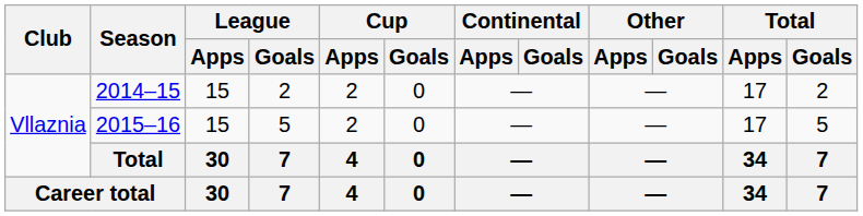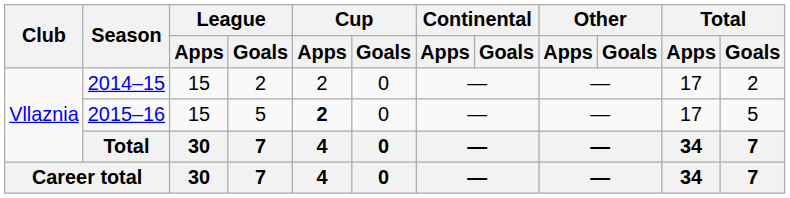 <table class="wikitable" style="text-align: center;">
 <tr>
 <th rowspan="2">Club</th>
 <th rowspan="2">Season</th>
 <th colspan="2">League</th>
 <th colspan="2">Cup</th>
 <th colspan="2">Continental</th>
 <th colspan="2">Other</th>
 <th colspan="2">Total</th>
 </tr>
 <tr>
 <th>Apps</th>
 <th>Goals</th>
 <th>Apps</th>
 <th>Goals</th>
 <th>Apps</th>
 <th>Goals</th>
 <th>Apps</th>
 <th>Goals</th>
 <th>Apps</th>
 <th>Goals</th>
 </tr>
 <tr>
 <td rowspan="3" valign="center"><a href='#'>Vllaznia</a></td>
 <td><a href='#'>2014–15</a></td>
 <td>15</td>
 <td>2</td>
 <td>2</td>
 <td>0</td>
 <td colspan="2">—</td>
 <td colspan="2">—</td>
 <td>17</td>
 <td>2</td>
 </tr>
 <tr>
 <td><a href='#'>2015–16</a></td>
 <td>15</td>
 <td>5</td>
-<td>2</td>
+<td><strong>2</strong></td>
 <td>0</td>
 <td colspan="2">—</td>
 <td colspan="2">—</td>
 <td>17</td>
 <td>5</td>
 </tr>
 <tr>
 <th>Total</th>
 <th>30</th>
 <th>7</th>
 <th>4</th>
 <th>0</th>
 <th colspan="2">—</th>
 <th colspan="2">—</th>
 <th>34</th>
 <th>7</th>
 </tr>
 <tr>
 <th colspan="2">Career total</th>
 <th>30</th>
 <th>7</th>
 <th>4</th>
 <th>0</th>
 <th colspan="2">—</th>
 <th colspan="2">—</th>
 <th>34</th>
 <th>7</th>
 </tr>
 </table>
